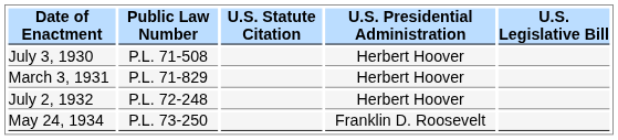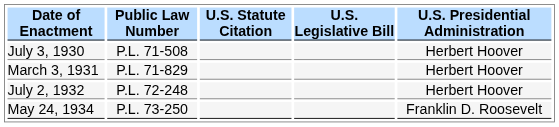 <table style="border:1px solid gray; align:left; width:70%" cellspacing=3 cellpadding=0>
 <tr style="font-weight:bold; text-align:center; background:#bbddff; color:black;">
 <th style=" border-bottom:1.5px solid black">Date of Enactment</th>
 <th style=" border-bottom:1.5px solid black">Public Law Number</th>
 <th style=" border-bottom:1.5px solid black">U.S. Statute Citation</th>
+<th style=" border-bottom:1.5px solid black">U.S. Legislative Bill</th>
 <th style=" border-bottom:1.5px solid black">U.S. Presidential Administration</th>
-<th style=" border-bottom:1.5px solid black">U.S. Legislative Bill</th>
 </tr>
 <tr>
 <td style="border-bottom:1px solid gray; background:#F5F5F5;">July 3, 1930</td>
 <td style="border-bottom:1px solid gray; background:#F5F5F5; text-align:center;">P.L. 71-508</td>
 <td style="border-bottom:1px solid gray; background:#F5F5F5; text-align:center;"></td>
+<td style="border-bottom:1px solid gray; background:#F5F5F5; text-align:center;"></td>
 <td style="border-bottom:1px solid gray; background:#F5F5F5; text-align:center;">Herbert Hoover</td>
-<td style="border-bottom:1px solid gray; background:#F5F5F5; text-align:center;"></td>
 </tr>
 <tr>
 <td style="border-bottom:1px solid gray; background:#F5F5F5;">March 3, 1931</td>
 <td style="border-bottom:1px solid gray; background:#F5F5F5; text-align:center;">P.L. 71-829</td>
 <td style="border-bottom:1px solid gray; background:#F5F5F5; text-align:center;"></td>
+<td style="border-bottom:1px solid gray; background:#F5F5F5; text-align:center;"></td>
 <td style="border-bottom:1px solid gray; background:#F5F5F5; text-align:center;">Herbert Hoover</td>
-<td style="border-bottom:1px solid gray; background:#F5F5F5; text-align:center;"></td>
 </tr>
 <tr>
 <td style="border-bottom:1px solid gray; background:#F5F5F5;">July 2, 1932</td>
 <td style="border-bottom:1px solid gray; background:#F5F5F5; text-align:center;">P.L. 72-248</td>
 <td style="border-bottom:1px solid gray; background:#F5F5F5; text-align:center;"></td>
+<td style="border-bottom:1px solid gray; background:#F5F5F5; text-align:center;"></td>
 <td style="border-bottom:1px solid gray; background:#F5F5F5; text-align:center;">Herbert Hoover</td>
-<td style="border-bottom:1px solid gray; background:#F5F5F5; text-align:center;"></td>
 </tr>
 <tr>
 <td style="border-bottom:1.5px solid black; background:#F5F5F5;">May 24, 1934</td>
 <td style="border-bottom:1.5px solid black; background:#F5F5F5; text-align:center;">P.L. 73-250</td>
 <td style="border-bottom:1.5px solid black; background:#F5F5F5; text-align:center;"></td>
+<td style="border-bottom:1.5px solid black; background:#F5F5F5; text-align:center;"></td>
 <td style="border-bottom:1.5px solid black; background:#F5F5F5; text-align:center;">Franklin D. Roosevelt</td>
-<td style="border-bottom:1.5px solid black; background:#F5F5F5; text-align:center;"></td>
 </tr>
 </table>
